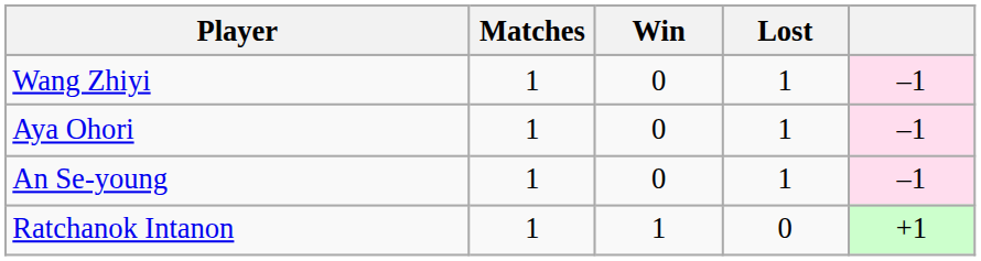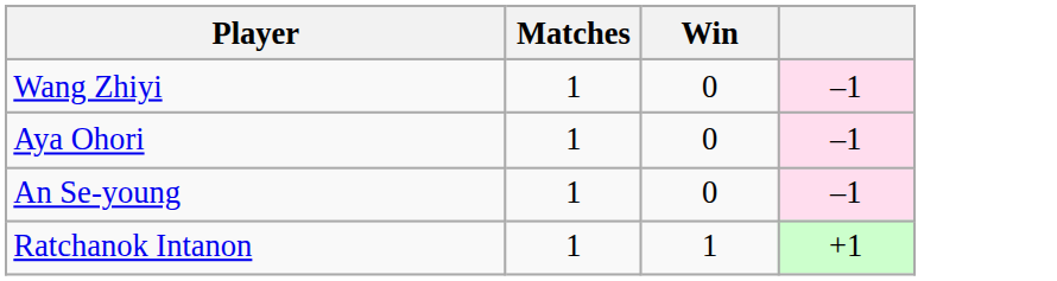 <table class=wikitable style="text-align:center; font-size:small">
 <tr>
 <th width="200">Player</th>
 <th width="50">Matches</th>
 <th width="50">Win</th>
-<th width="50">Lost</th>
 <th width="50"></th>
 </tr>
 <tr>
 <td align="left"> <a href='#'>Wang Zhiyi</a></td>
 <td>1</td>
 <td>0</td>
-<td>1</td>
 <td bgcolor="#ffddee">–1</td>
 </tr>
 <tr>
 <td align="left"> <a href='#'>Aya Ohori</a></td>
 <td>1</td>
 <td>0</td>
-<td>1</td>
 <td bgcolor="#ffddee">–1</td>
 </tr>
 <tr>
 <td align="left"> <a href='#'>An Se-young</a></td>
 <td>1</td>
 <td>0</td>
-<td>1</td>
 <td bgcolor="#ffddee">–1</td>
 </tr>
 <tr>
 <td align="left"> <a href='#'>Ratchanok Intanon</a></td>
 <td>1</td>
 <td>1</td>
-<td>0</td>
 <td bgcolor="#ccffcc">+1</td>
 </tr>
 </table>
